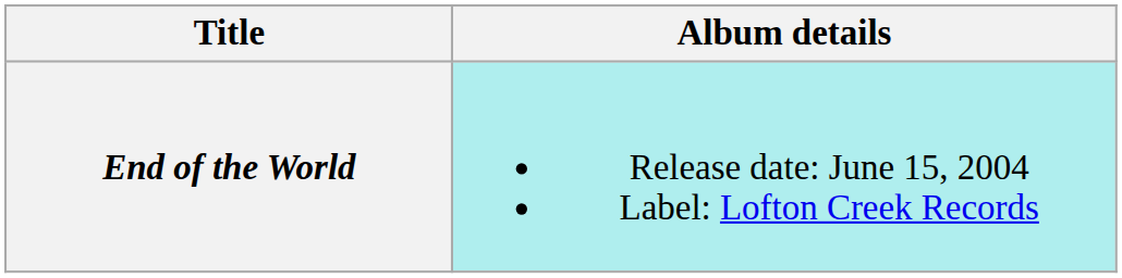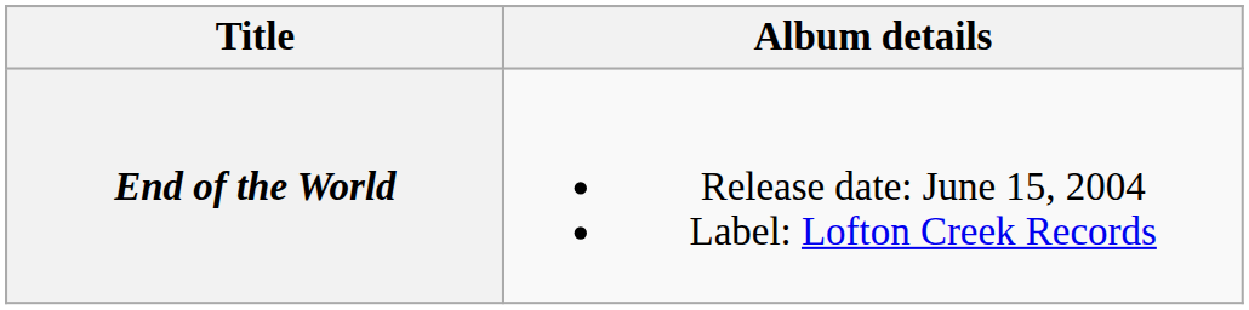 <table class="wikitable plainrowheaders" style="text-align:center;">
 <tr>
 <th style="width:12em;">Title</th>
 <th style="width:18em;">Album details</th>
 </tr>
 <tr>
 <th scope="row"><em>End of the World</em></th>
-<td style="background: paleturquoise;"><br><ul><li>Release date: June 15, 2004</li><li>Label: <a href='#'>Lofton Creek Records</a></li></ul></td>
+<td><br><ul><li>Release date: June 15, 2004</li><li>Label: <a href='#'>Lofton Creek Records</a></li></ul></td>
 </tr>
 </table>
